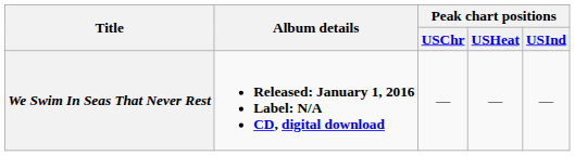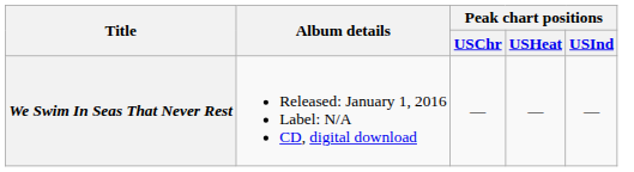 <table class="wikitable">
 <tr>
 <th rowspan="2">Title</th>
 <th rowspan="2">Album details</th>
 <th colspan="3">Peak chart positions</th>
 </tr>
 <tr>
 <th><a href='#'>USChr</a></th>
 <th><a href='#'>USHeat</a></th>
 <th><a href='#'>USInd</a></th>
 </tr>
 <tr>
 <th><em>We Swim In Seas That Never Rest</em></th>
-<td><strong><br><ul><li>Released: January 1, 2016</li><li>Label: N/A</li><li><a href='#'>CD</a>, <a href='#'>digital download</a></li></ul></strong></td>
+<td><br><ul><li>Released: January 1, 2016</li><li>Label: N/A</li><li><a href='#'>CD</a>, <a href='#'>digital download</a></li></ul></td>
 <td align="center">—</td>
 <td align="center">—</td>
 <td align="center">—</td>
 </tr>
 </table>
